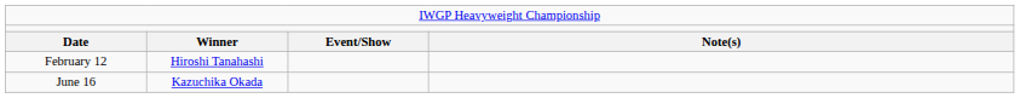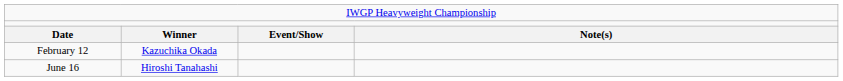 <table class="wikitable" style="text-align:center; width:100%;">
 <tr>
 <td colspan="5"><a href='#'>IWGP Heavyweight Championship</a></td>
 </tr>
 <tr>
 <td colspan="5"><strong></strong></td>
 </tr>
 <tr>
 <th width=14%>Date</th>
 <th width=14%>Winner</th>
 <th width=14%>Event/Show</th>
 <th width=58%>Note(s)</th>
 </tr>
 <tr>
 <td>February 12</td>
-<td><a href='#'>Hiroshi Tanahashi</a></td>
+<td><a href='#'>Kazuchika Okada</a></td>
 <td></td>
 <td align=left></td>
 </tr>
 <tr>
 <td>June 16</td>
-<td><a href='#'>Kazuchika Okada</a></td>
+<td><a href='#'>Hiroshi Tanahashi</a></td>
 <td></td>
 <td align=left></td>
 </tr>
 </table>
